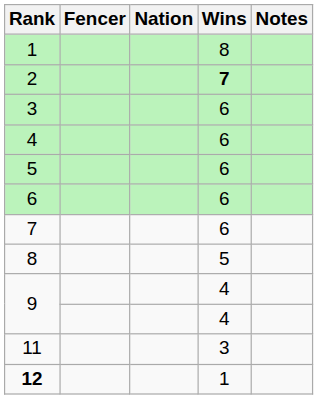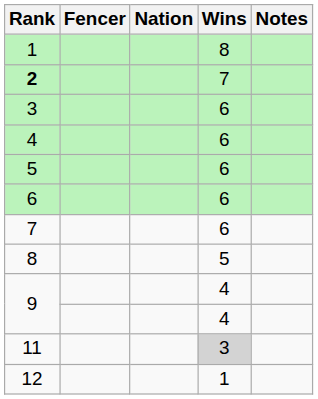 <table class="wikitable sortable" style="text-align:center">
 <tr>
 <th>Rank</th>
 <th>Fencer</th>
 <th>Nation</th>
 <th>Wins</th>
 <th>Notes</th>
 </tr>
 <tr style="background:#bbf3bb;">
 <td>1</td>
 <td align=left></td>
 <td align=left></td>
 <td>8</td>
 <td></td>
 </tr>
 <tr style="background:#bbf3bb;">
-<td>2</td>
+<td><strong>2</strong></td>
 <td align=left></td>
 <td align=left></td>
-<td><strong>7</strong></td>
+<td>7</td>
 <td></td>
 </tr>
 <tr style="background:#bbf3bb;">
 <td>3</td>
 <td align=left></td>
 <td align=left></td>
 <td>6</td>
 <td></td>
 </tr>
 <tr style="background:#bbf3bb;">
 <td>4</td>
 <td align=left></td>
 <td align=left></td>
 <td>6</td>
 <td></td>
 </tr>
 <tr style="background:#bbf3bb;">
 <td>5</td>
 <td align=left></td>
 <td align=left></td>
 <td>6</td>
 <td></td>
 </tr>
 <tr style="background:#bbf3bb;">
 <td>6</td>
 <td align=left></td>
 <td align=left></td>
 <td>6</td>
 <td></td>
 </tr>
 <tr>
 <td>7</td>
 <td align=left></td>
 <td align=left></td>
 <td>6</td>
 <td></td>
 </tr>
 <tr>
 <td>8</td>
 <td align=left></td>
 <td align=left></td>
 <td>5</td>
 <td></td>
 </tr>
 <tr>
 <td rowspan=2>9</td>
 <td align=left></td>
 <td align=left></td>
 <td>4</td>
 <td></td>
 </tr>
 <tr>
 <td align=left></td>
 <td align=left></td>
 <td>4</td>
 <td></td>
 </tr>
 <tr>
 <td>11</td>
 <td align=left></td>
 <td align=left></td>
-<td>3</td>
+<td style="background: lightgrey;">3</td>
 <td></td>
 </tr>
 <tr>
-<td><strong>12</strong></td>
+<td>12</td>
 <td align=left></td>
 <td align=left></td>
 <td>1</td>
 <td></td>
 </tr>
 </table>
